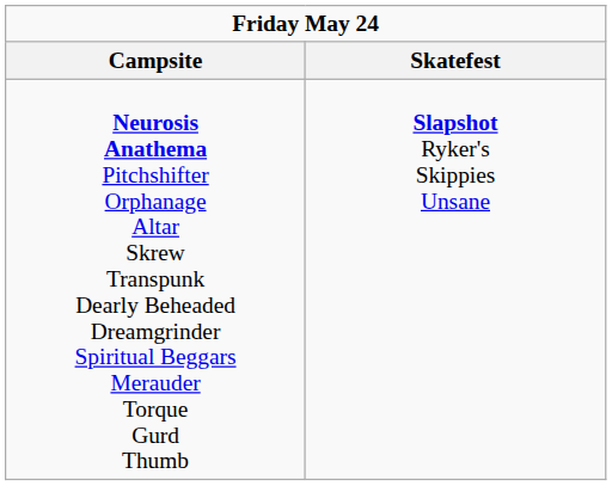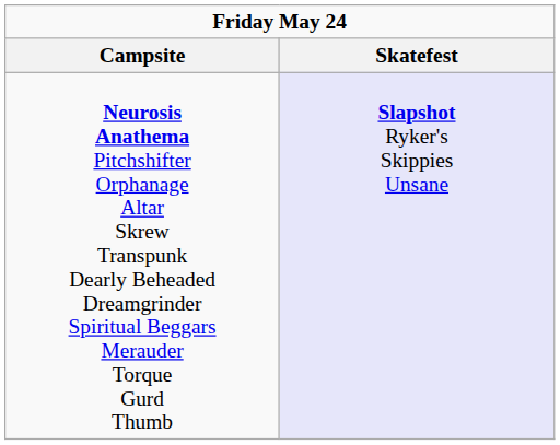 <table class="wikitable">
 <tr>
 <td colspan="3" align="center"><strong>Friday May 24</strong></td>
 </tr>
 <tr>
 <th>Campsite</th>
 <th>Skatefest</th>
 </tr>
 <tr>
 <td valign="top" align="center" width=200><br><strong><a href='#'>Neurosis</a></strong> <br><strong><a href='#'>Anathema</a></strong> <br><a href='#'>Pitchshifter</a> <br><a href='#'>Orphanage</a> <br><a href='#'>Altar</a> <br>Skrew <br>Transpunk <br>Dearly Beheaded <br>Dreamgrinder <br><a href='#'>Spiritual Beggars</a> <br><a href='#'>Merauder</a> <br>Torque <br>Gurd <br>Thumb</td>
-<td valign="top" align="center" width=200><br><strong><a href='#'>Slapshot</a></strong> <br>Ryker's <br>Skippies <br><a href='#'>Unsane</a></td>
+<td valign="top" align="center" width=200 style="background: lavender;"><br><strong><a href='#'>Slapshot</a></strong> <br>Ryker's <br>Skippies <br><a href='#'>Unsane</a></td>
 </tr>
 </table>
